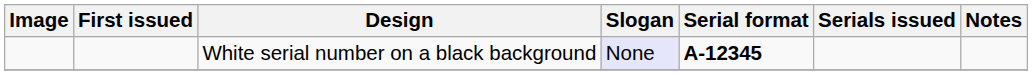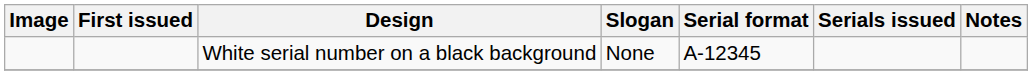 <table class="wikitable">
 <tr>
 <th>Image</th>
 <th>First issued</th>
 <th>Design</th>
 <th>Slogan</th>
 <th>Serial format</th>
 <th>Serials issued</th>
 <th>Notes</th>
 </tr>
 <tr>
 <td></td>
 <td></td>
 <td>White serial number on a black background</td>
-<td style="background: lavender;">None</td>
-<td><strong>A-12345</strong></td>
+<td>None</td>
+<td>A-12345</td>
 <td></td>
 <td></td>
 </tr>
 <tr>
 </tr>
 </table>
